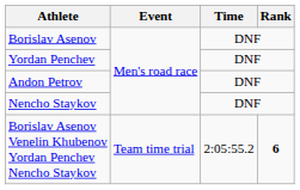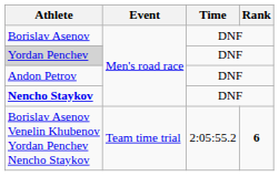 <table class=wikitable style="font-size:90%">
 <tr>
 <th>Athlete</th>
 <th>Event</th>
 <th>Time</th>
 <th>Rank</th>
 </tr>
 <tr align=center>
 <td align=left><a href='#'>Borislav Asenov</a></td>
 <td align=left rowspan=4><a href='#'>Men's road race</a></td>
 <td colspan=2>DNF</td>
 </tr>
 <tr align=center>
-<td align=left><a href='#'>Yordan Penchev</a></td>
+<td align=left style="background: lightgrey;"><a href='#'>Yordan Penchev</a></td>
 <td colspan=2>DNF</td>
 </tr>
 <tr align=center>
 <td align=left><a href='#'>Andon Petrov</a></td>
 <td colspan=2>DNF</td>
 </tr>
 <tr align=center>
-<td align=left><a href='#'>Nencho Staykov</a></td>
+<td align=left><strong><a href='#'>Nencho Staykov</a></strong></td>
 <td colspan=2>DNF</td>
 </tr>
 <tr align=center>
 <td align=left><a href='#'>Borislav Asenov</a><br><a href='#'>Venelin Khubenov</a><br><a href='#'>Yordan Penchev</a><br><a href='#'>Nencho Staykov</a></td>
 <td align=left><a href='#'>Team time trial</a></td>
 <td>2:05:55.2</td>
 <td><strong>6</strong></td>
 </tr>
 </table>
